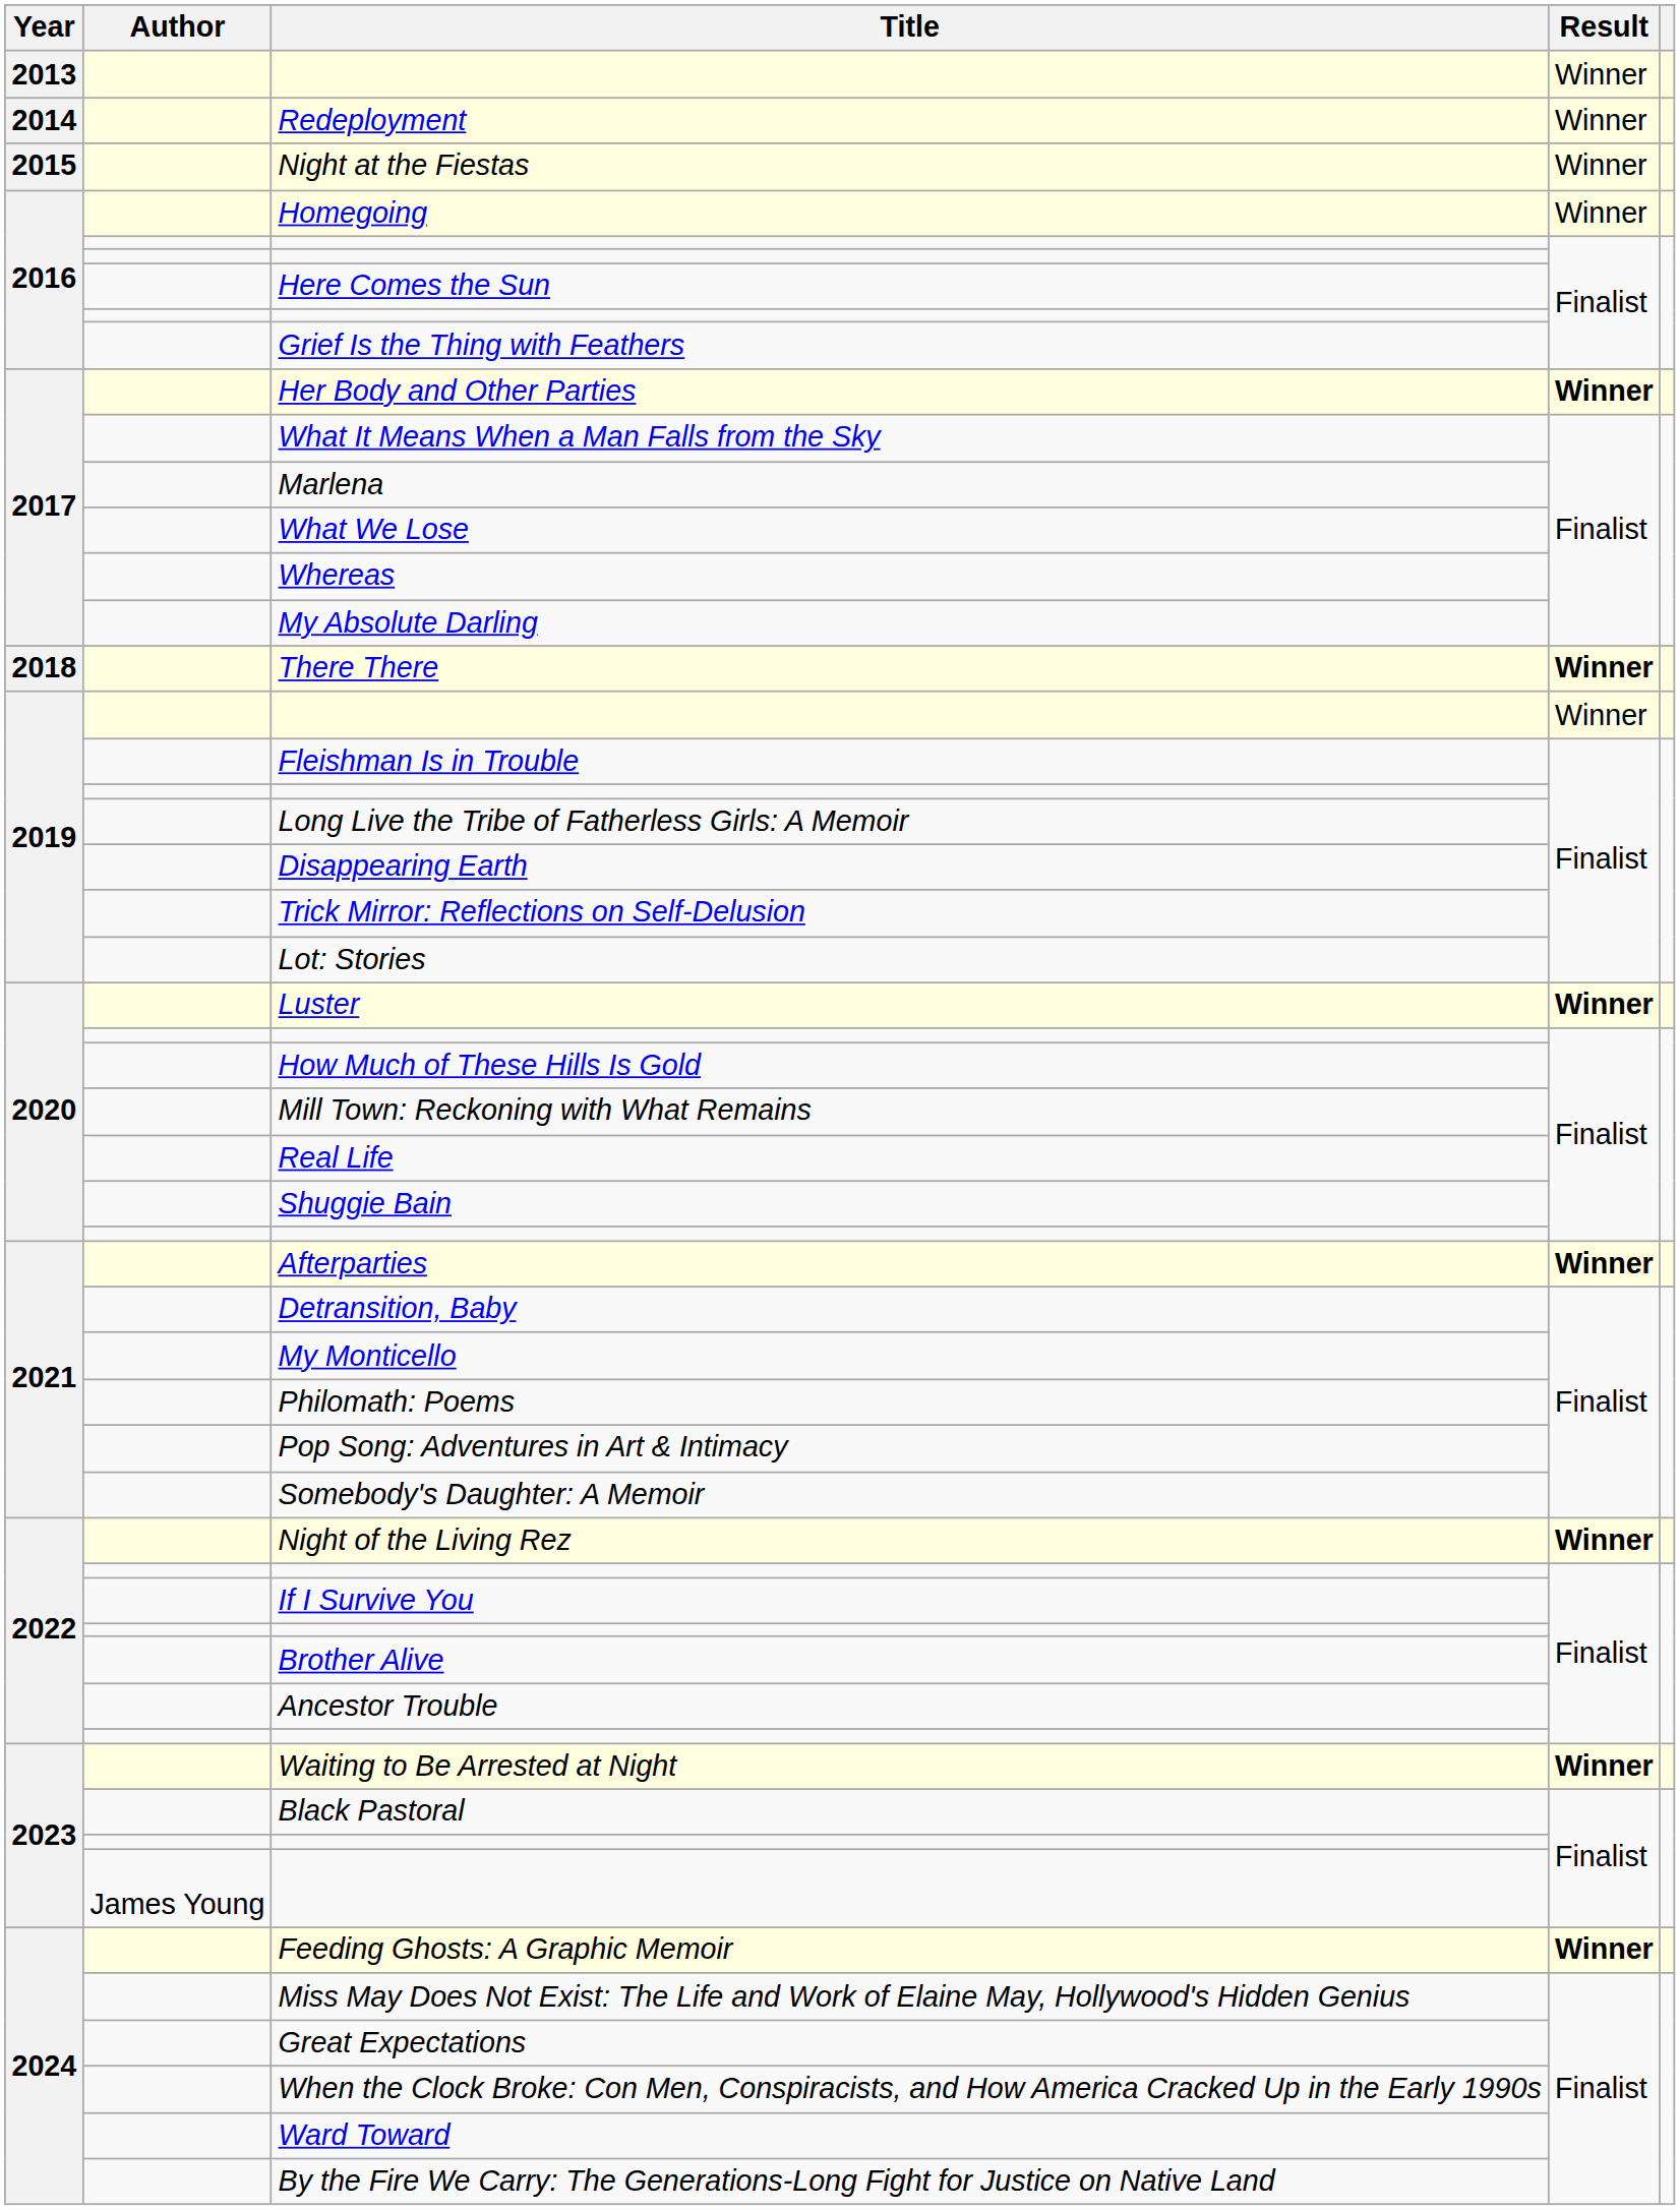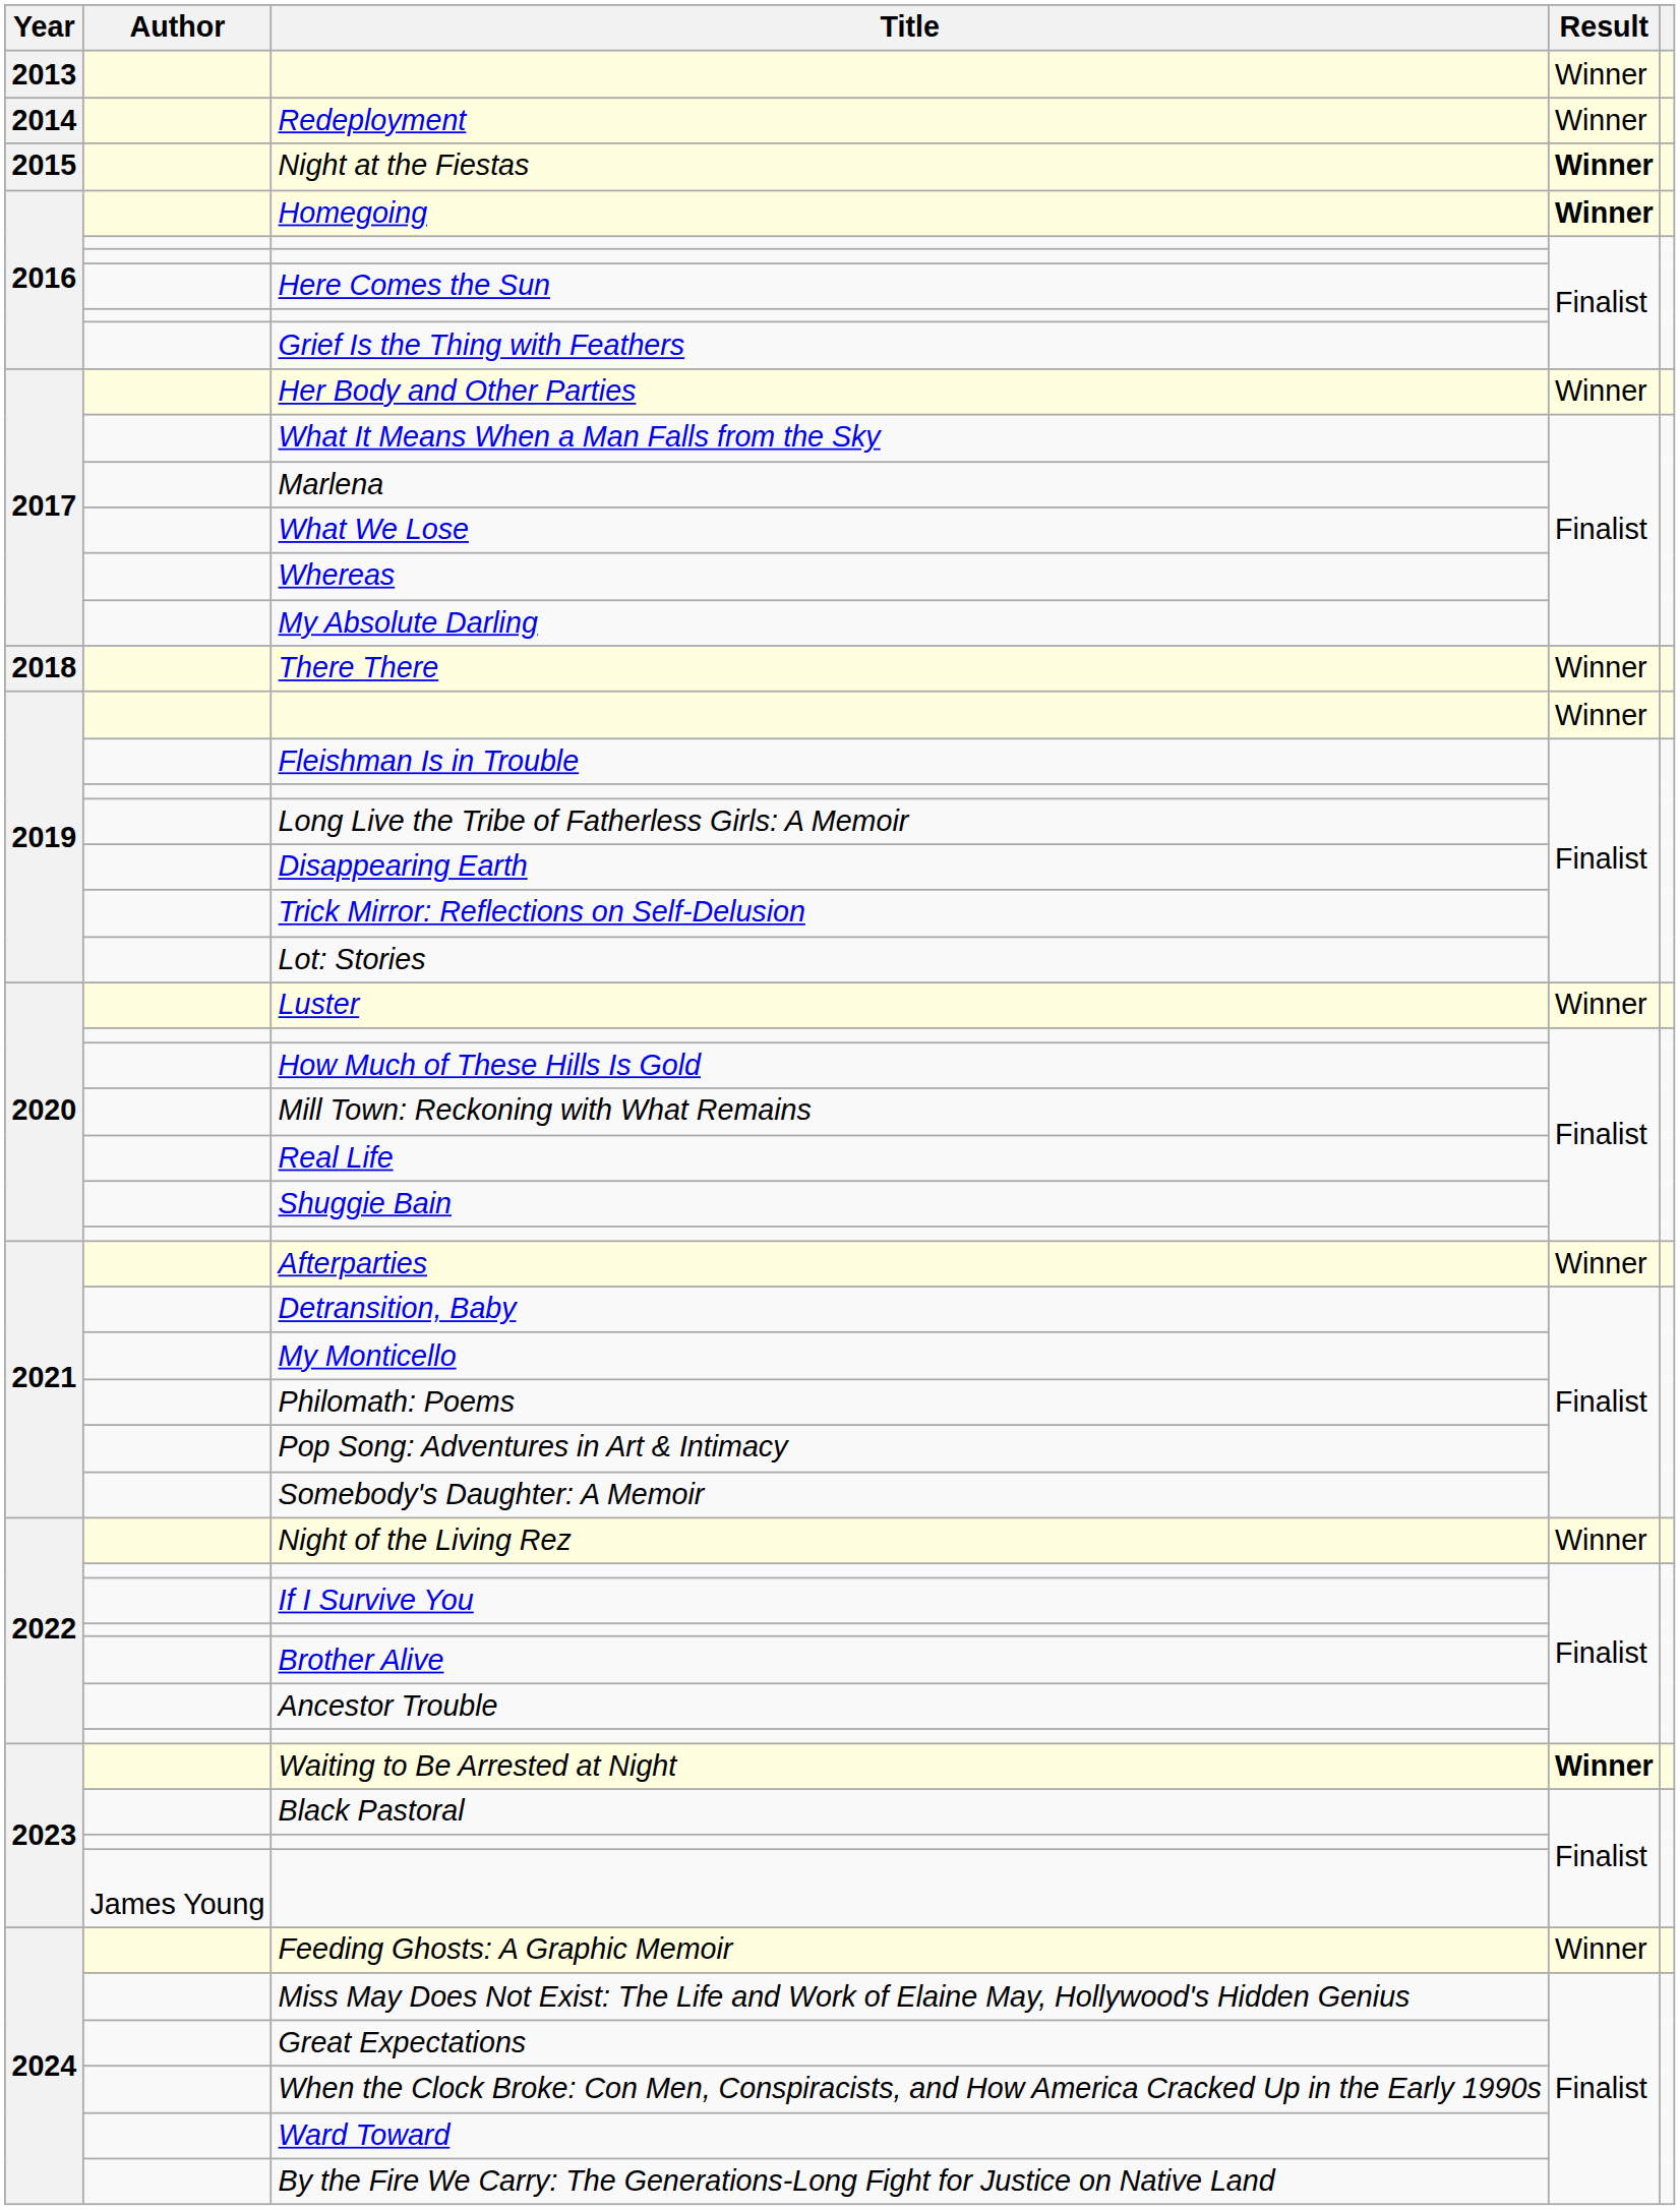 <table class="wikitable sortable mw-collapsible">
 <tr>
 <th scope="col">Year</th>
 <th scope="col">Author</th>
 <th scope="col">Title</th>
 <th scope="col">Result</th>
 <th scope="col"></th>
 </tr>
 <tr style=background:lightyellow>
 <th>2013</th>
 <td></td>
 <td></td>
 <td>Winner</td>
 <td></td>
 </tr>
 <tr style=background:lightyellow>
 <th>2014</th>
 <td></td>
 <td><em><a href='#'>Redeployment</a></em></td>
 <td>Winner</td>
 <td></td>
 </tr>
 <tr style=background:lightyellow>
 <th>2015</th>
 <td></td>
 <td><em>Night at the Fiestas</em></td>
-<td>Winner</td>
+<td><strong>Winner</strong></td>
 <td></td>
 </tr>
 <tr style=background:lightyellow>
 <th rowspan="6">2016</th>
 <td></td>
 <td><em><a href='#'>Homegoing</a></em></td>
-<td>Winner</td>
+<td><strong>Winner</strong></td>
 <td></td>
 </tr>
 <tr>
 <td></td>
 <td><em></em></td>
 <td rowspan="5">Finalist</td>
 <td rowspan="5"></td>
 </tr>
 <tr>
 <td></td>
 <td><em></em></td>
 </tr>
 <tr>
 <td></td>
 <td><em><a href='#'>Here Comes the Sun</a></em></td>
 </tr>
 <tr>
 <td></td>
 <td><em></em></td>
 </tr>
 <tr>
 <td></td>
 <td><em><a href='#'>Grief Is the Thing with Feathers</a></em></td>
 </tr>
 <tr style="background:lightyellow">
 <th rowspan="6">2017</th>
 <td></td>
 <td><em><a href='#'>Her Body and Other Parties</a></em></td>
-<td><strong>Winner</strong></td>
+<td>Winner</td>
 <td></td>
 </tr>
 <tr>
 <td></td>
 <td><em><a href='#'>What It Means When a Man Falls from the Sky</a></em></td>
 <td rowspan="5">Finalist</td>
 <td rowspan="5"></td>
 </tr>
 <tr>
 <td></td>
 <td><em>Marlena</em></td>
 </tr>
 <tr>
 <td></td>
 <td><em><a href='#'>What We Lose</a></em></td>
 </tr>
 <tr>
 <td></td>
 <td><em><a href='#'>Whereas</a></em></td>
 </tr>
 <tr>
 <td></td>
 <td><em><a href='#'>My Absolute Darling</a></em></td>
 </tr>
 <tr style="background:lightyellow">
 <th>2018</th>
 <td></td>
 <td><em><a href='#'>There There</a></em></td>
-<td><strong>Winner</strong></td>
+<td>Winner</td>
 <td></td>
 </tr>
 <tr style="background:lightyellow">
 <th rowspan="7">2019</th>
 <td></td>
 <td></td>
 <td>Winner</td>
 <td></td>
 </tr>
 <tr>
 <td></td>
 <td><em><a href='#'>Fleishman Is in Trouble</a></em></td>
 <td rowspan="6">Finalist</td>
 <td rowspan="6"></td>
 </tr>
 <tr>
 <td></td>
 <td><em></em></td>
 </tr>
 <tr>
 <td></td>
 <td><em>Long Live the Tribe of Fatherless Girls: A Memoir</em></td>
 </tr>
 <tr>
 <td></td>
 <td><em><a href='#'>Disappearing Earth</a></em></td>
 </tr>
 <tr>
 <td></td>
 <td><em><a href='#'>Trick Mirror: Reflections on Self-Delusion</a></em></td>
 </tr>
 <tr>
 <td></td>
 <td><em>Lot: Stories</em></td>
 </tr>
 <tr style="background:lightyellow">
 <th rowspan="7">2020</th>
 <td></td>
 <td><em><a href='#'>Luster</a></em></td>
-<td><strong>Winner</strong></td>
+<td>Winner</td>
 <td></td>
 </tr>
 <tr>
 <td></td>
 <td></td>
 <td rowspan="6">Finalist</td>
 <td rowspan="6"></td>
 </tr>
 <tr>
 <td></td>
 <td><em><a href='#'>How Much of These Hills Is Gold</a></em></td>
 </tr>
 <tr>
 <td></td>
 <td><em>Mill Town: Reckoning with What Remains</em></td>
 </tr>
 <tr>
 <td></td>
 <td><em><a href='#'>Real Life</a></em></td>
 </tr>
 <tr>
 <td></td>
 <td><em><a href='#'>Shuggie Bain</a></em></td>
 </tr>
 <tr>
 <td></td>
 <td></td>
 </tr>
 <tr style=background:lightyellow>
 <th rowspan="6">2021</th>
 <td></td>
 <td><em><a href='#'>Afterparties</a></em></td>
-<td><strong>Winner</strong></td>
+<td>Winner</td>
 <td></td>
 </tr>
 <tr>
 <td></td>
 <td><em><a href='#'>Detransition, Baby</a></em></td>
 <td rowspan="5">Finalist</td>
 <td rowspan="5"></td>
 </tr>
 <tr>
 <td></td>
 <td><em><a href='#'>My Monticello</a></em></td>
 </tr>
 <tr>
 <td></td>
 <td><em>Philomath: Poems</em></td>
 </tr>
 <tr>
 <td></td>
 <td><em>Pop Song: Adventures in Art & Intimacy</em></td>
 </tr>
 <tr>
 <td></td>
 <td><em>Somebody's Daughter: A Memoir</em></td>
 </tr>
 <tr style=background:lightyellow>
 <th rowspan="7">2022</th>
 <td></td>
 <td><em>Night of the Living Rez</em></td>
-<td><strong>Winner</strong></td>
+<td>Winner</td>
 <td></td>
 </tr>
 <tr>
 <td></td>
 <td><em></em></td>
 <td rowspan="6">Finalist</td>
 <td rowspan="6"></td>
 </tr>
 <tr>
 <td></td>
 <td><em><a href='#'>If I Survive You</a></em></td>
 </tr>
 <tr>
 <td></td>
 <td><em></em></td>
 </tr>
 <tr>
 <td></td>
 <td><em><a href='#'>Brother Alive</a></em></td>
 </tr>
 <tr>
 <td></td>
 <td><em>Ancestor Trouble</em></td>
 </tr>
 <tr>
 <td></td>
 <td><em></em></td>
 </tr>
 <tr style="background:lightyellow">
 <th rowspan="4">2023</th>
 <td></td>
 <td><em>Waiting to Be Arrested at Night</em></td>
 <td><strong>Winner</strong></td>
 <td></td>
 </tr>
 <tr>
 <td></td>
 <td><em>Black Pastoral</em></td>
 <td rowspan="3">Finalist</td>
 <td rowspan="3"></td>
 </tr>
 <tr>
 <td></td>
 <td><em></em></td>
 </tr>
 <tr>
 <td> <br> James Young</td>
 <td><em></em></td>
 </tr>
 <tr style=background:lightyellow>
 <th rowspan="6">2024</th>
 <td></td>
 <td><em>Feeding Ghosts: A Graphic Memoir</em></td>
-<td><strong>Winner</strong></td>
+<td>Winner</td>
 <td></td>
 </tr>
 <tr>
 <td></td>
 <td><em>Miss May Does Not Exist: The Life and Work of Elaine May, Hollywood's Hidden Genius</em></td>
 <td rowspan="5">Finalist</td>
 <td rowspan="5"></td>
 </tr>
 <tr>
 <td></td>
 <td><em>Great Expectations</em></td>
 </tr>
 <tr>
 <td></td>
 <td><em>When the Clock Broke: Con Men, Conspiracists, and How America Cracked Up in the Early 1990s</em></td>
 </tr>
 <tr>
 <td></td>
 <td><em><a href='#'>Ward Toward</a></em></td>
 </tr>
 <tr>
 <td></td>
 <td><em>By the Fire We Carry: The Generations-Long Fight for Justice on Native Land</em></td>
 </tr>
 </table>
